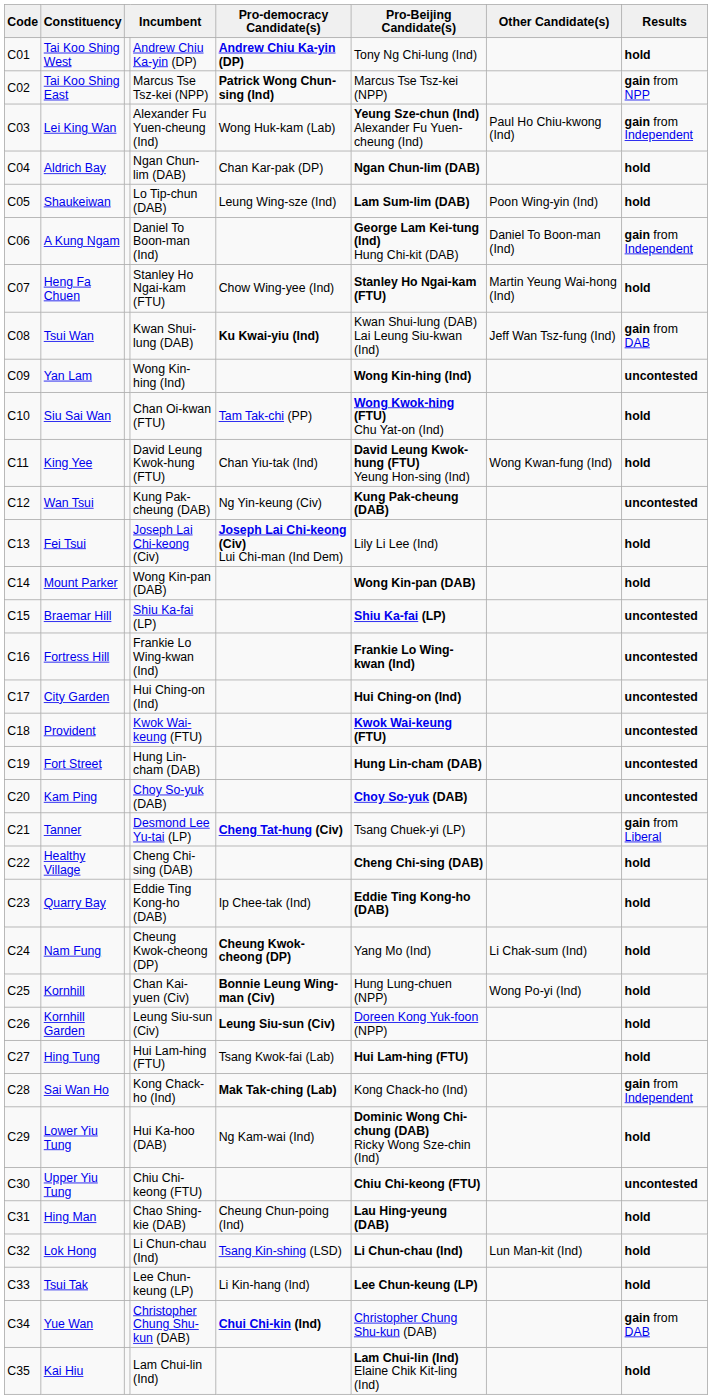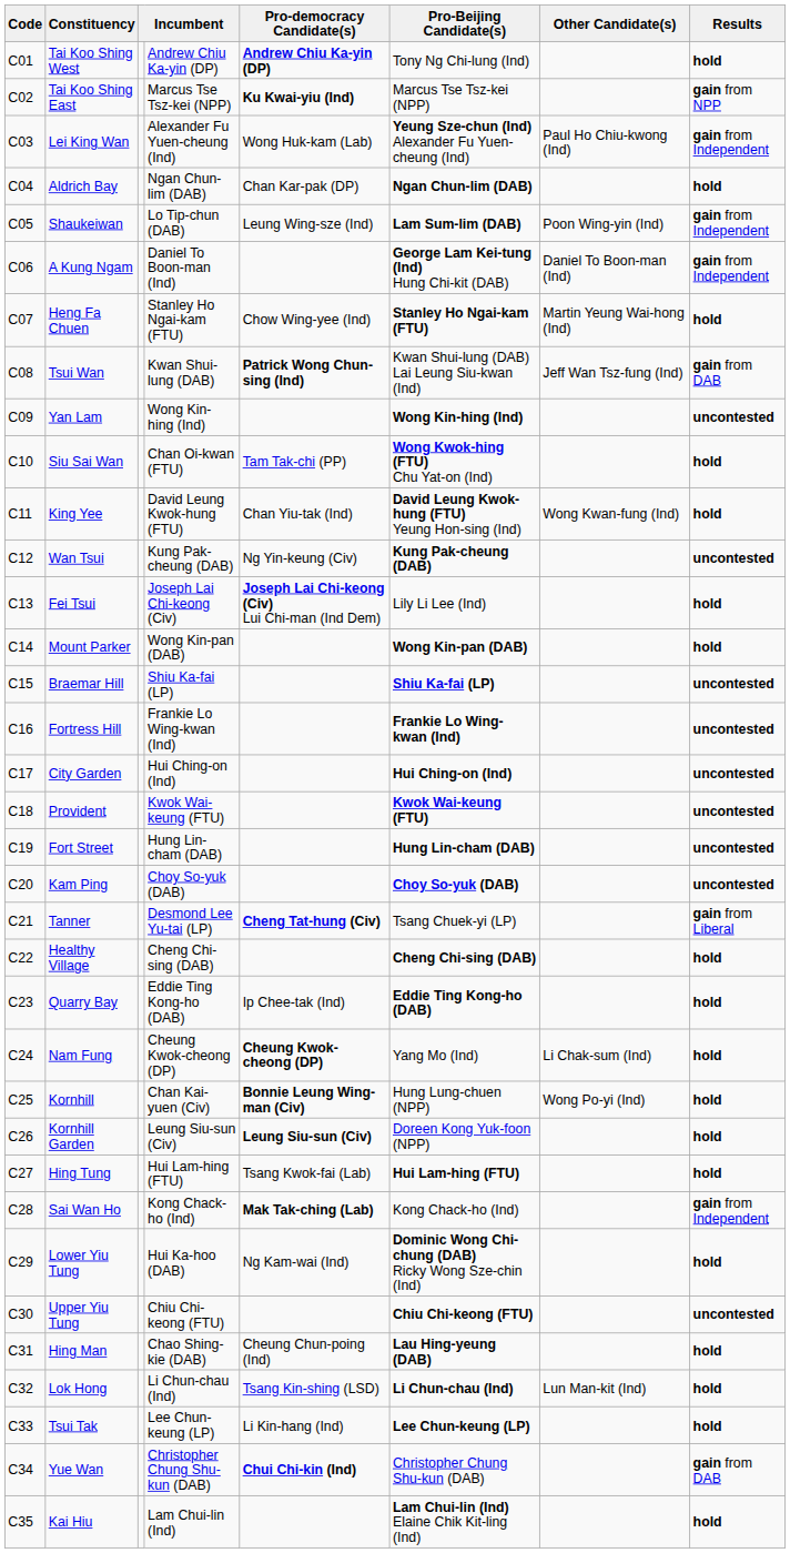 <table class="wikitable sortable" style="font-size: 95%;">
 <tr>
 <th align="center" style="background:#f0f0f0;" width="20px"><strong>Code</strong></th>
 <th align="center" style="background:#f0f0f0;" width="90px"><strong>Constituency</strong></th>
 <th align="center" style="background:#f0f0f0;" width="120px" colspan=2><strong>Incumbent</strong></th>
 <th align="center" style="background:#f0f0f0;" width="160px"><strong>Pro-democracy Candidate(s)</strong></th>
 <th align="center" style="background:#f0f0f0;" width="160px"><strong>Pro-Beijing Candidate(s)</strong></th>
 <th align="center" style="background:#f0f0f0;" width="160px"><strong>Other Candidate(s)</strong></th>
 <th align="center" style="background:#f0f0f0;" width="100px" colspan="2"><strong>Results</strong></th>
 </tr>
 <tr>
 <td>C01</td>
 <td><a href='#'>Tai Koo Shing West</a></td>
 <td></td>
 <td><a href='#'>Andrew Chiu Ka-yin</a> (DP)</td>
 <td><strong><a href='#'>Andrew Chiu Ka-yin</a> (DP)</strong></td>
 <td>Tony Ng Chi-lung (Ind)</td>
 <td></td>
 <td> <strong>hold</strong></td>
 </tr>
 <tr>
 <td>C02</td>
 <td><a href='#'>Tai Koo Shing East</a></td>
 <td></td>
 <td>Marcus Tse Tsz-kei (NPP)</td>
-<td><strong>Patrick Wong Chun-sing (Ind)</strong></td>
+<td><strong>Ku Kwai-yiu (Ind)</strong></td>
 <td>Marcus Tse Tsz-kei (NPP)</td>
 <td></td>
 <td> <strong>gain</strong> from <a href='#'>NPP</a></td>
 </tr>
 <tr>
 <td>C03</td>
 <td><a href='#'>Lei King Wan</a></td>
 <td></td>
 <td>Alexander Fu Yuen-cheung (Ind)</td>
 <td>Wong Huk-kam (Lab)</td>
 <td><strong>Yeung Sze-chun (Ind)</strong><br>Alexander Fu Yuen-cheung (Ind)</td>
 <td>Paul Ho Chiu-kwong (Ind)</td>
 <td> <strong>gain</strong> from <a href='#'>Independent</a></td>
 </tr>
 <tr>
 <td>C04</td>
 <td><a href='#'>Aldrich Bay</a></td>
 <td></td>
 <td>Ngan Chun-lim (DAB)</td>
 <td>Chan Kar-pak (DP)</td>
 <td><strong>Ngan Chun-lim (DAB)</strong></td>
 <td></td>
 <td> <strong>hold</strong></td>
 </tr>
 <tr>
 <td>C05</td>
 <td><a href='#'>Shaukeiwan</a></td>
 <td></td>
 <td>Lo Tip-chun (DAB)</td>
 <td>Leung Wing-sze (Ind)</td>
 <td><strong>Lam Sum-lim (DAB)</strong></td>
 <td>Poon Wing-yin (Ind)</td>
-<td> <strong>hold</strong></td>
+<td> <strong>gain</strong> from <a href='#'>Independent</a></td>
 </tr>
 <tr>
 <td>C06</td>
 <td><a href='#'>A Kung Ngam</a></td>
 <td></td>
 <td>Daniel To Boon-man (Ind)</td>
 <td></td>
 <td><strong>George Lam Kei-tung (Ind)</strong><br>Hung Chi-kit (DAB)</td>
 <td>Daniel To Boon-man (Ind)</td>
 <td> <strong>gain</strong> from <a href='#'>Independent</a></td>
 </tr>
 <tr>
 <td>C07</td>
 <td><a href='#'>Heng Fa Chuen</a></td>
 <td></td>
 <td>Stanley Ho Ngai-kam (FTU)</td>
 <td>Chow Wing-yee (Ind)</td>
 <td><strong>Stanley Ho Ngai-kam (FTU)</strong></td>
 <td>Martin Yeung Wai-hong (Ind)</td>
 <td> <strong>hold</strong></td>
 </tr>
 <tr>
 <td>C08</td>
 <td><a href='#'>Tsui Wan</a></td>
 <td></td>
 <td>Kwan Shui-lung (DAB)</td>
-<td><strong>Ku Kwai-yiu (Ind)</strong></td>
+<td><strong>Patrick Wong Chun-sing (Ind)</strong></td>
 <td>Kwan Shui-lung (DAB)<br>Lai Leung Siu-kwan (Ind)</td>
 <td>Jeff Wan Tsz-fung (Ind)</td>
 <td> <strong>gain</strong> from <a href='#'>DAB</a></td>
 </tr>
 <tr>
 <td>C09</td>
 <td><a href='#'>Yan Lam</a></td>
 <td></td>
 <td>Wong Kin-hing (Ind)</td>
 <td></td>
 <td><strong>Wong Kin-hing (Ind)</strong></td>
 <td></td>
 <td> <strong>uncontested</strong></td>
 </tr>
 <tr>
 <td>C10</td>
 <td><a href='#'>Siu Sai Wan</a></td>
 <td></td>
 <td>Chan Oi-kwan (FTU)</td>
 <td><a href='#'>Tam Tak-chi</a> (PP)</td>
 <td><strong><a href='#'>Wong Kwok-hing</a> (FTU)</strong><br>Chu Yat-on (Ind)</td>
 <td></td>
 <td> <strong>hold</strong></td>
 </tr>
 <tr>
 <td>C11</td>
 <td><a href='#'>King Yee</a></td>
 <td></td>
 <td>David Leung Kwok-hung (FTU)</td>
 <td>Chan Yiu-tak (Ind)</td>
 <td><strong>David Leung Kwok-hung (FTU)</strong><br>Yeung Hon-sing (Ind)</td>
 <td>Wong Kwan-fung (Ind)</td>
 <td> <strong>hold</strong></td>
 </tr>
 <tr>
 <td>C12</td>
 <td><a href='#'>Wan Tsui</a></td>
 <td></td>
 <td>Kung Pak-cheung (DAB)</td>
 <td>Ng Yin-keung (Civ)</td>
 <td><strong>Kung Pak-cheung (DAB)</strong></td>
 <td></td>
 <td> <strong>uncontested</strong></td>
 </tr>
 <tr>
 <td>C13</td>
 <td><a href='#'>Fei Tsui</a></td>
 <td></td>
 <td><a href='#'>Joseph Lai Chi-keong</a> (Civ)</td>
 <td><strong><a href='#'>Joseph Lai Chi-keong</a> (Civ)</strong><br>Lui Chi-man (Ind Dem)</td>
 <td>Lily Li Lee (Ind)</td>
 <td></td>
 <td> <strong>hold</strong></td>
 </tr>
 <tr>
 <td>C14</td>
 <td><a href='#'>Mount Parker</a></td>
 <td></td>
 <td>Wong Kin-pan (DAB)</td>
 <td></td>
 <td><strong>Wong Kin-pan (DAB)</strong></td>
 <td></td>
 <td> <strong>hold</strong></td>
 </tr>
 <tr>
 <td>C15</td>
 <td><a href='#'>Braemar Hill</a></td>
 <td></td>
 <td><a href='#'>Shiu Ka-fai</a> (LP)</td>
 <td></td>
 <td><strong><a href='#'>Shiu Ka-fai</a> (LP)</strong></td>
 <td></td>
 <td> <strong>uncontested</strong></td>
 </tr>
 <tr>
 <td>C16</td>
 <td><a href='#'>Fortress Hill</a></td>
 <td></td>
 <td>Frankie Lo Wing-kwan (Ind)</td>
 <td></td>
 <td><strong>Frankie Lo Wing-kwan (Ind)</strong></td>
 <td></td>
 <td> <strong>uncontested</strong></td>
 </tr>
 <tr>
 <td>C17</td>
 <td><a href='#'>City Garden</a></td>
 <td></td>
 <td>Hui Ching-on (Ind)</td>
 <td></td>
 <td><strong>Hui Ching-on (Ind)</strong></td>
 <td></td>
 <td> <strong>uncontested</strong></td>
 </tr>
 <tr>
 <td>C18</td>
 <td><a href='#'>Provident</a></td>
 <td></td>
 <td><a href='#'>Kwok Wai-keung</a> (FTU)</td>
 <td></td>
 <td><strong><a href='#'>Kwok Wai-keung</a> (FTU)</strong></td>
 <td></td>
 <td> <strong>uncontested</strong></td>
 </tr>
 <tr>
 <td>C19</td>
 <td><a href='#'>Fort Street</a></td>
 <td></td>
 <td>Hung Lin-cham (DAB)</td>
 <td></td>
 <td><strong>Hung Lin-cham (DAB)</strong></td>
 <td></td>
 <td> <strong>uncontested</strong></td>
 </tr>
 <tr>
 <td>C20</td>
 <td><a href='#'>Kam Ping</a></td>
 <td></td>
 <td><a href='#'>Choy So-yuk</a> (DAB)</td>
 <td></td>
 <td><strong><a href='#'>Choy So-yuk</a> (DAB)</strong></td>
 <td></td>
 <td> <strong>uncontested</strong></td>
 </tr>
 <tr>
 <td>C21</td>
 <td><a href='#'>Tanner</a></td>
 <td></td>
 <td><a href='#'>Desmond Lee Yu-tai</a> (LP)</td>
 <td><strong><a href='#'>Cheng Tat-hung</a> (Civ)</strong></td>
 <td>Tsang Chuek-yi (LP)</td>
 <td></td>
 <td> <strong>gain</strong> from <a href='#'>Liberal</a></td>
 </tr>
 <tr>
 <td>C22</td>
 <td><a href='#'>Healthy Village</a></td>
 <td></td>
 <td>Cheng Chi-sing (DAB)</td>
 <td></td>
 <td><strong> Cheng Chi-sing (DAB)</strong></td>
 <td></td>
 <td> <strong>hold</strong></td>
 </tr>
 <tr>
 <td>C23</td>
 <td><a href='#'>Quarry Bay</a></td>
 <td></td>
 <td>Eddie Ting Kong-ho (DAB)</td>
 <td>Ip Chee-tak (Ind)</td>
 <td><strong>Eddie Ting Kong-ho (DAB)</strong></td>
 <td></td>
 <td> <strong>hold</strong></td>
 </tr>
 <tr>
 <td>C24</td>
 <td><a href='#'>Nam Fung</a></td>
 <td></td>
 <td>Cheung Kwok-cheong (DP)</td>
 <td><strong>Cheung Kwok-cheong (DP)</strong></td>
 <td>Yang Mo (Ind)</td>
 <td>Li Chak-sum (Ind)</td>
 <td> <strong>hold</strong></td>
 </tr>
 <tr>
 <td>C25</td>
 <td><a href='#'>Kornhill</a></td>
 <td></td>
 <td>Chan Kai-yuen (Civ)</td>
 <td><strong>Bonnie Leung Wing-man (Civ) </strong></td>
 <td>Hung Lung-chuen (NPP)</td>
 <td>Wong Po-yi (Ind)</td>
 <td> <strong>hold</strong></td>
 </tr>
 <tr>
 <td>C26</td>
 <td><a href='#'>Kornhill Garden</a></td>
 <td></td>
 <td>Leung Siu-sun (Civ)</td>
 <td><strong>Leung Siu-sun (Civ)</strong></td>
 <td><a href='#'>Doreen Kong Yuk-foon</a> (NPP)</td>
 <td></td>
 <td> <strong>hold</strong></td>
 </tr>
 <tr>
 <td>C27</td>
 <td><a href='#'>Hing Tung</a></td>
 <td></td>
 <td>Hui Lam-hing (FTU)</td>
 <td>Tsang Kwok-fai (Lab)</td>
 <td><strong>Hui Lam-hing (FTU)</strong></td>
 <td></td>
 <td> <strong>hold</strong></td>
 </tr>
 <tr>
 <td>C28</td>
 <td><a href='#'>Sai Wan Ho</a></td>
 <td></td>
 <td>Kong Chack-ho (Ind)</td>
 <td><strong>Mak Tak-ching (Lab)</strong></td>
 <td>Kong Chack-ho (Ind)</td>
 <td></td>
 <td> <strong>gain</strong> from <a href='#'>Independent</a></td>
 </tr>
 <tr>
 <td>C29</td>
 <td><a href='#'>Lower Yiu Tung</a></td>
 <td></td>
 <td>Hui Ka-hoo (DAB)</td>
 <td>Ng Kam-wai (Ind)</td>
 <td><strong>Dominic Wong Chi-chung (DAB)</strong><br>Ricky Wong Sze-chin (Ind)</td>
 <td></td>
 <td> <strong>hold</strong></td>
 </tr>
 <tr>
 <td>C30</td>
 <td><a href='#'>Upper Yiu Tung</a></td>
 <td></td>
 <td>Chiu Chi-keong (FTU)</td>
 <td></td>
 <td><strong>Chiu Chi-keong (FTU)</strong></td>
 <td></td>
 <td> <strong>uncontested</strong></td>
 </tr>
 <tr>
 <td>C31</td>
 <td><a href='#'>Hing Man</a></td>
 <td></td>
 <td>Chao Shing-kie (DAB)</td>
 <td>Cheung Chun-poing (Ind)</td>
 <td><strong>Lau Hing-yeung (DAB)</strong></td>
 <td></td>
 <td> <strong>hold</strong></td>
 </tr>
 <tr>
 <td>C32</td>
 <td><a href='#'>Lok Hong</a></td>
 <td></td>
 <td>Li Chun-chau (Ind)</td>
 <td><a href='#'>Tsang Kin-shing</a> (LSD)</td>
 <td><strong>Li Chun-chau (Ind)</strong></td>
 <td>Lun Man-kit (Ind)</td>
 <td> <strong>hold</strong></td>
 </tr>
 <tr>
 <td>C33</td>
 <td><a href='#'>Tsui Tak</a></td>
 <td></td>
 <td>Lee Chun-keung (LP)</td>
 <td>Li Kin-hang (Ind)</td>
 <td><strong>Lee Chun-keung (LP)</strong></td>
 <td></td>
 <td> <strong>hold</strong></td>
 </tr>
 <tr>
 <td>C34</td>
 <td><a href='#'>Yue Wan</a></td>
 <td></td>
 <td><a href='#'>Christopher Chung Shu-kun</a> (DAB)</td>
 <td><strong><a href='#'>Chui Chi-kin</a> (Ind)</strong></td>
 <td><a href='#'>Christopher Chung Shu-kun</a> (DAB)</td>
 <td></td>
 <td> <strong>gain</strong> from <a href='#'>DAB</a></td>
 </tr>
 <tr>
 <td>C35</td>
 <td><a href='#'>Kai Hiu</a></td>
 <td></td>
 <td>Lam Chui-lin (Ind)</td>
 <td></td>
 <td><strong>Lam Chui-lin (Ind)</strong><br>Elaine Chik Kit-ling (Ind)</td>
 <td></td>
 <td> <strong>hold</strong></td>
 </tr>
 </table>
